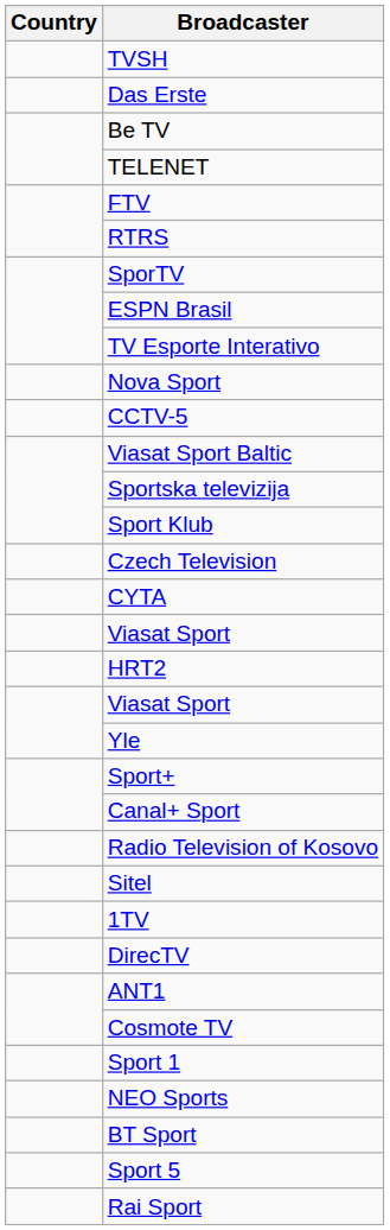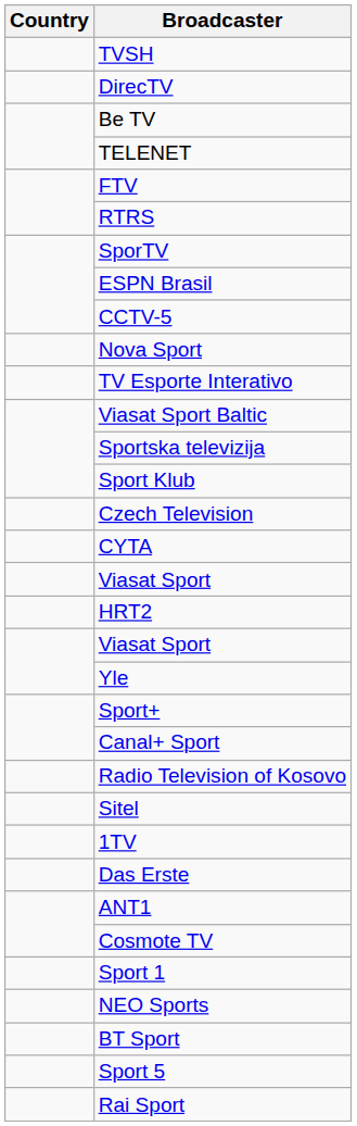 <table class="wikitable">
 <tr>
 <th align=center>Country</th>
 <th align=center>Broadcaster</th>
 </tr>
 <tr>
 <td align=left></td>
 <td><a href='#'>TVSH</a></td>
 </tr>
 <tr>
 <td align=left></td>
-<td><a href='#'>Das Erste</a></td>
+<td><a href='#'>DirecTV</a></td>
 </tr>
 <tr>
 <td style="text-align:left;" rowspan="2"></td>
 <td>Be TV</td>
 </tr>
 <tr>
 <td>TELENET</td>
 </tr>
 <tr>
 <td style="text-align:left;" rowspan="2"></td>
 <td><a href='#'>FTV</a></td>
 </tr>
 <tr>
 <td><a href='#'>RTRS</a></td>
 </tr>
 <tr>
 <td style="text-align:left;" rowspan="3"></td>
 <td><a href='#'>SporTV</a></td>
 </tr>
 <tr>
 <td><a href='#'>ESPN Brasil</a></td>
 </tr>
 <tr>
-<td><a href='#'>TV Esporte Interativo</a></td>
+<td><a href='#'>CCTV-5</a></td>
 </tr>
 <tr>
 <td style="text-align:left;"></td>
 <td><a href='#'>Nova Sport</a></td>
 </tr>
 <tr>
 <td align=left></td>
-<td><a href='#'>CCTV-5</a></td>
+<td><a href='#'>TV Esporte Interativo</a></td>
 </tr>
 <tr>
 <td style="text-align:left;" rowspan="3"></td>
 <td><a href='#'>Viasat Sport Baltic</a></td>
 </tr>
 <tr>
 <td><a href='#'>Sportska televizija</a></td>
 </tr>
 <tr>
 <td><a href='#'>Sport Klub</a></td>
 </tr>
 <tr>
 <td align=left></td>
 <td><a href='#'>Czech Television</a></td>
 </tr>
 <tr>
 <td align=left></td>
 <td><a href='#'>CYTA</a></td>
 </tr>
 <tr>
 <td align=left></td>
 <td><a href='#'>Viasat Sport</a></td>
 </tr>
 <tr>
 <td align=left></td>
 <td><a href='#'>HRT2</a></td>
 </tr>
 <tr>
 <td style="text-align:left;" rowspan="2"></td>
 <td><a href='#'>Viasat Sport</a></td>
 </tr>
 <tr>
 <td><a href='#'>Yle</a></td>
 </tr>
 <tr>
 <td style="text-align:left;" rowspan="2"></td>
 <td><a href='#'>Sport+</a></td>
 </tr>
 <tr>
 <td><a href='#'>Canal+ Sport</a></td>
 </tr>
 <tr>
 <td align=left></td>
 <td><a href='#'>Radio Television of Kosovo</a></td>
 </tr>
 <tr>
 <td align=left></td>
 <td><a href='#'>Sitel</a></td>
 </tr>
 <tr>
 <td align=left></td>
 <td><a href='#'>1TV</a></td>
 </tr>
 <tr>
 <td align=left></td>
-<td><a href='#'>DirecTV</a></td>
+<td><a href='#'>Das Erste</a></td>
 </tr>
 <tr>
 <td style="text-align:left;" rowspan="2"></td>
 <td><a href='#'>ANT1</a></td>
 </tr>
 <tr>
 <td><a href='#'>Cosmote TV</a></td>
 </tr>
 <tr>
 <td align=left></td>
 <td><a href='#'>Sport 1</a></td>
 </tr>
 <tr>
 <td align=left></td>
 <td><a href='#'>NEO Sports</a></td>
 </tr>
 <tr>
 <td align=left></td>
 <td><a href='#'>BT Sport</a></td>
 </tr>
 <tr>
 <td align=left></td>
 <td><a href='#'>Sport 5</a></td>
 </tr>
 <tr>
 <td align=left></td>
 <td><a href='#'>Rai Sport</a></td>
 </tr>
 </table>
